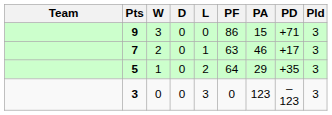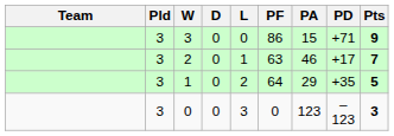 <table class="wikitable" style="text-align:center;">
 <tr>
 <th width=155>Team</th>
-<th width=25 abbr="Points">Pts</th>
+<th width=25 abbr="Played">Pld</th>
 <th width=25 abbr="Won">W</th>
 <th width=25 abbr="Drawn">D</th>
 <th width=25 abbr="Lost">L</th>
 <th width=32 abbr="Points for">PF</th>
 <th width=32 abbr="Points against">PA</th>
 <th width=32 abbr="Points difference">PD</th>
-<th width=25 abbr="Played">Pld</th>
+<th width=25 abbr="Points">Pts</th>
 </tr>
 <tr style="background:#ccffcc">
 <td align=left></td>
-<td><strong>9</strong></td>
+<td>3</td>
 <td>3</td>
 <td>0</td>
 <td>0</td>
 <td>86</td>
 <td>15</td>
 <td>+71</td>
-<td>3</td>
+<td><strong>9</strong></td>
 </tr>
 <tr style="background:#ccffcc">
 <td align=left></td>
-<td><strong>7</strong></td>
+<td>3</td>
 <td>2</td>
 <td>0</td>
 <td>1</td>
 <td>63</td>
 <td>46</td>
 <td>+17</td>
-<td>3</td>
+<td><strong>7</strong></td>
 </tr>
 <tr style="background:#ccffcc">
 <td align=left></td>
-<td><strong>5</strong></td>
+<td>3</td>
 <td>1</td>
 <td>0</td>
 <td>2</td>
 <td>64</td>
 <td>29</td>
 <td>+35</td>
-<td>3</td>
+<td><strong>5</strong></td>
 </tr>
 <tr>
 <td align=left></td>
-<td><strong>3</strong></td>
+<td>3</td>
 <td>0</td>
 <td>0</td>
 <td>3</td>
 <td>0</td>
 <td>123</td>
 <td>–123</td>
-<td>3</td>
+<td><strong>3</strong></td>
 </tr>
 </table>
